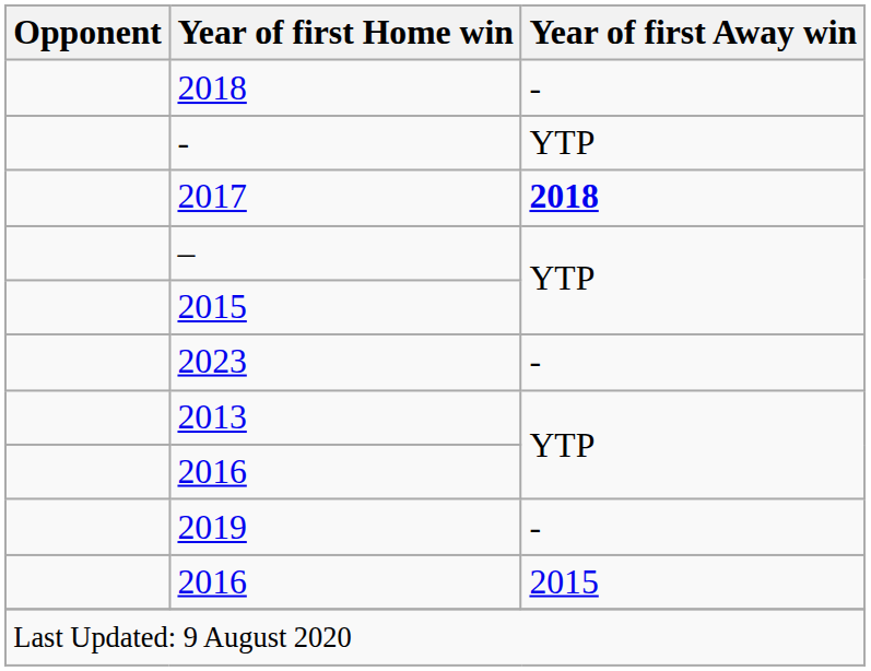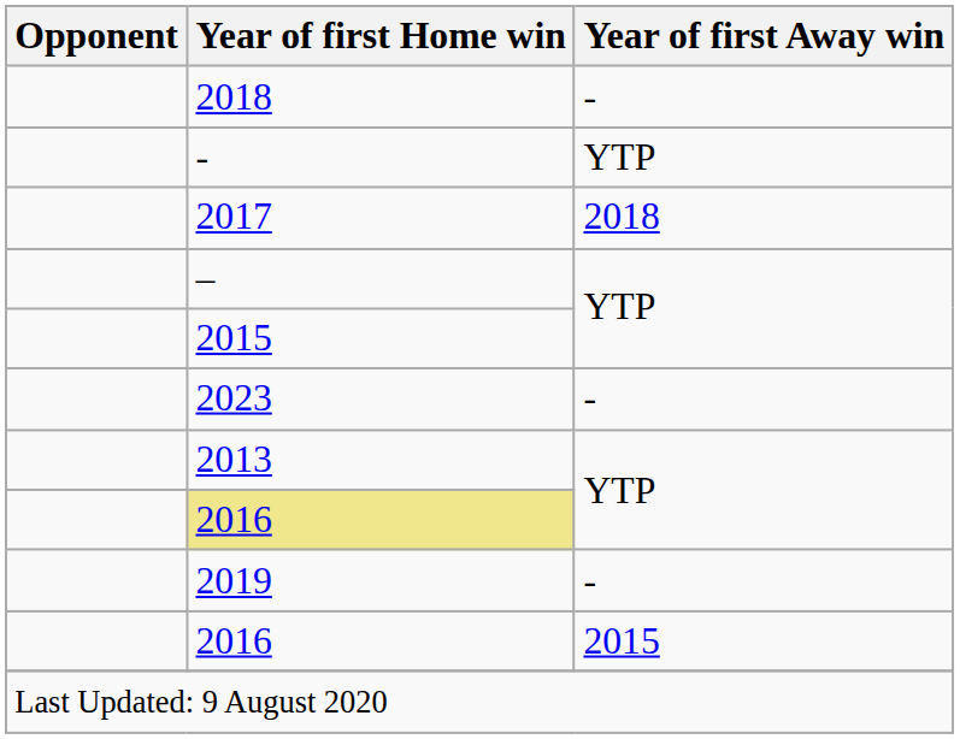 <table class="wikitable plainrowheaders sortable">
 <tr>
 <th>Opponent</th>
 <th>Year of first Home win</th>
 <th>Year of first Away win</th>
 </tr>
 <tr>
 <td></td>
 <td><a href='#'>2018</a></td>
 <td colspan=2>-</td>
 </tr>
 <tr>
 <td></td>
 <td>-</td>
 <td>YTP</td>
 </tr>
 <tr>
 <td></td>
 <td><a href='#'>2017</a></td>
-<td><strong><a href='#'>2018</a></strong></td>
+<td><a href='#'>2018</a></td>
 </tr>
 <tr>
 <td></td>
 <td>–</td>
 <td rowspan=2>YTP</td>
 </tr>
 <tr>
 <td></td>
 <td><a href='#'>2015</a></td>
 </tr>
 <tr>
 <td></td>
 <td><a href='#'>2023</a></td>
 <td>-</td>
 </tr>
 <tr>
 <td></td>
 <td><a href='#'>2013</a></td>
 <td rowspan=2>YTP</td>
 </tr>
 <tr>
 <td></td>
-<td><a href='#'>2016</a></td>
+<td style="background: khaki;"><a href='#'>2016</a></td>
 </tr>
 <tr>
 <td></td>
 <td><a href='#'>2019</a></td>
 <td>-</td>
 </tr>
 <tr>
 <td></td>
 <td><a href='#'>2016</a></td>
 <td><a href='#'>2015</a></td>
 </tr>
 <tr>
 </tr>
 <tr class=sortbottom>
 <td colspan=3><small>Last Updated: 9 August 2020</small></td>
 </tr>
 </table>
